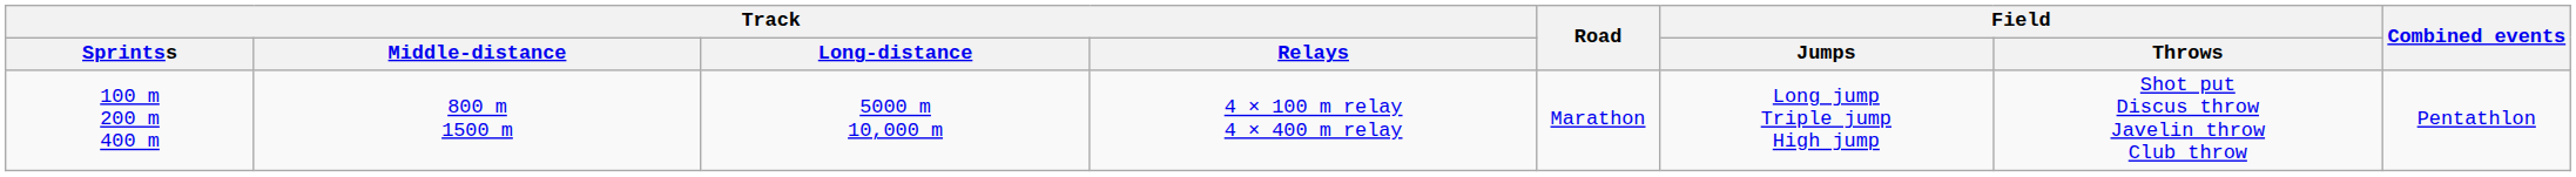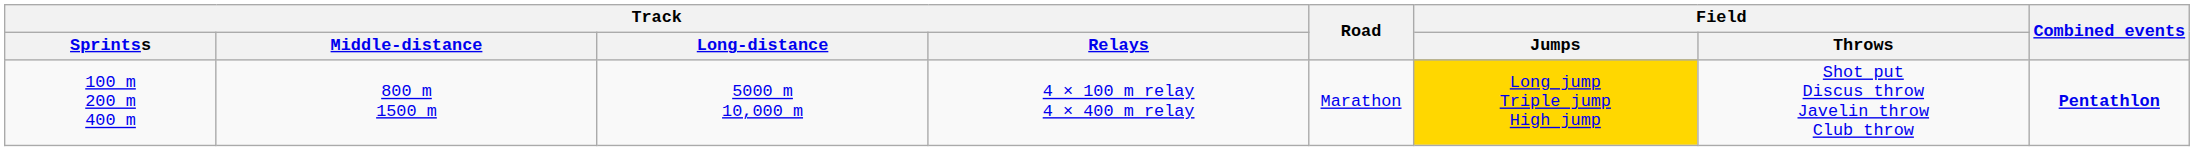 <table class="wikitable centre" style="font-size:94%" width="100%">
 <tr>
 <th colspan=4 width=100>Track</th>
 <th rowspan=2 width=70>Road</th>
 <th colspan=2 width=70>Field</th>
 <th rowspan=2 width=70><a href='#'>Combined events</a></th>
 </tr>
 <tr>
 <th><a href='#'>Sprints</a>s</th>
 <th><a href='#'>Middle-distance</a></th>
 <th><a href='#'>Long-distance</a></th>
 <th><a href='#'>Relays</a></th>
 <th>Jumps</th>
 <th>Throws</th>
 </tr>
 <tr align=center>
 <td><a href='#'>100 m</a><br><a href='#'>200 m</a><br><a href='#'>400 m</a></td>
 <td><a href='#'>800 m</a><br><a href='#'>1500 m</a></td>
 <td><a href='#'>5000 m</a><br><a href='#'>10,000 m</a></td>
 <td><a href='#'>4 × 100 m relay</a><br><a href='#'>4 × 400 m relay</a></td>
 <td><a href='#'>Marathon</a></td>
-<td><a href='#'>Long jump</a><br><a href='#'>Triple jump</a><br><a href='#'>High jump</a></td>
+<td style="background: gold;"><a href='#'>Long jump</a><br><a href='#'>Triple jump</a><br><a href='#'>High jump</a></td>
 <td><a href='#'>Shot put</a><br><a href='#'>Discus throw</a><br><a href='#'>Javelin throw</a><br><a href='#'>Club throw</a></td>
-<td><a href='#'>Pentathlon</a></td>
+<td><strong><a href='#'>Pentathlon</a></strong></td>
 </tr>
 </table>
